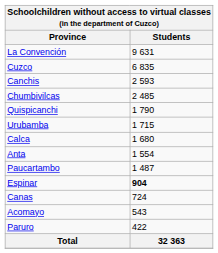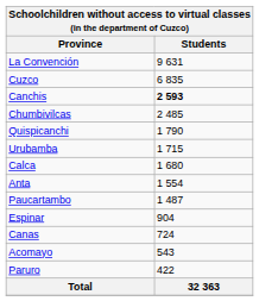 <table class="wikitable col2der" style="float:right; clear:right; margin-left:1em; font-size:80%">
 <tr>
 <th colspan=2>Schoolchildren without access to virtual classes<br><small>(in the department of Cuzco)</small></th>
 </tr>
 <tr>
 <th>Province</th>
 <th>Students</th>
 </tr>
 <tr>
 <td><a href='#'>La Convención</a></td>
 <td>9 631</td>
 </tr>
 <tr>
 <td><a href='#'>Cuzco</a></td>
 <td>6 835</td>
 </tr>
 <tr>
 <td><a href='#'>Canchis</a></td>
-<td>2 593</td>
+<td><strong>2 593</strong></td>
 </tr>
 <tr>
 <td><a href='#'>Chumbivilcas</a></td>
 <td>2 485</td>
 </tr>
 <tr>
 <td><a href='#'>Quispicanchi</a></td>
 <td>1 790</td>
 </tr>
 <tr>
 <td><a href='#'>Urubamba</a></td>
 <td>1 715</td>
 </tr>
 <tr>
 <td><a href='#'>Calca</a></td>
 <td>1 680</td>
 </tr>
 <tr>
 <td><a href='#'>Anta</a></td>
 <td>1 554</td>
 </tr>
 <tr>
 <td><a href='#'>Paucartambo</a></td>
 <td>1 487</td>
 </tr>
 <tr>
 <td><a href='#'>Espinar</a></td>
-<td><strong>904</strong></td>
+<td>904</td>
 </tr>
 <tr>
 <td><a href='#'>Canas</a></td>
 <td>724</td>
 </tr>
 <tr>
 <td><a href='#'>Acomayo</a></td>
 <td>543</td>
 </tr>
 <tr>
 <td><a href='#'>Paruro</a></td>
 <td>422</td>
 </tr>
 <tr>
 <th><strong>Total</strong></th>
 <th align="right"><strong>32 363</strong></th>
 </tr>
 <tr>
 </tr>
 </table>
